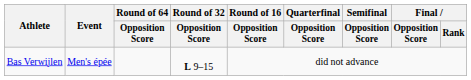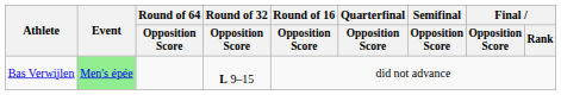 <table class="wikitable" style="font-size:90%">
 <tr>
 <th rowspan=2>Athlete</th>
 <th rowspan=2>Event</th>
 <th>Round of 64</th>
 <th>Round of 32</th>
 <th>Round of 16</th>
 <th>Quarterfinal</th>
 <th>Semifinal</th>
 <th colspan=2>Final / </th>
 </tr>
 <tr style="font-size:95%">
 <th>Opposition<br>Score</th>
 <th>Opposition<br>Score</th>
 <th>Opposition<br>Score</th>
 <th>Opposition<br>Score</th>
 <th>Opposition<br>Score</th>
 <th>Opposition<br>Score</th>
 <th>Rank</th>
 </tr>
 <tr align=center>
 <td align=left><a href='#'>Bas Verwijlen</a></td>
-<td align=left><a href='#'>Men's épée</a></td>
+<td align=left style="background: lightgreen;"><a href='#'>Men's épée</a></td>
 <td></td>
 <td><br><strong>L</strong> 9–15</td>
 <td colspan=5>did not advance</td>
 </tr>
 </table>
